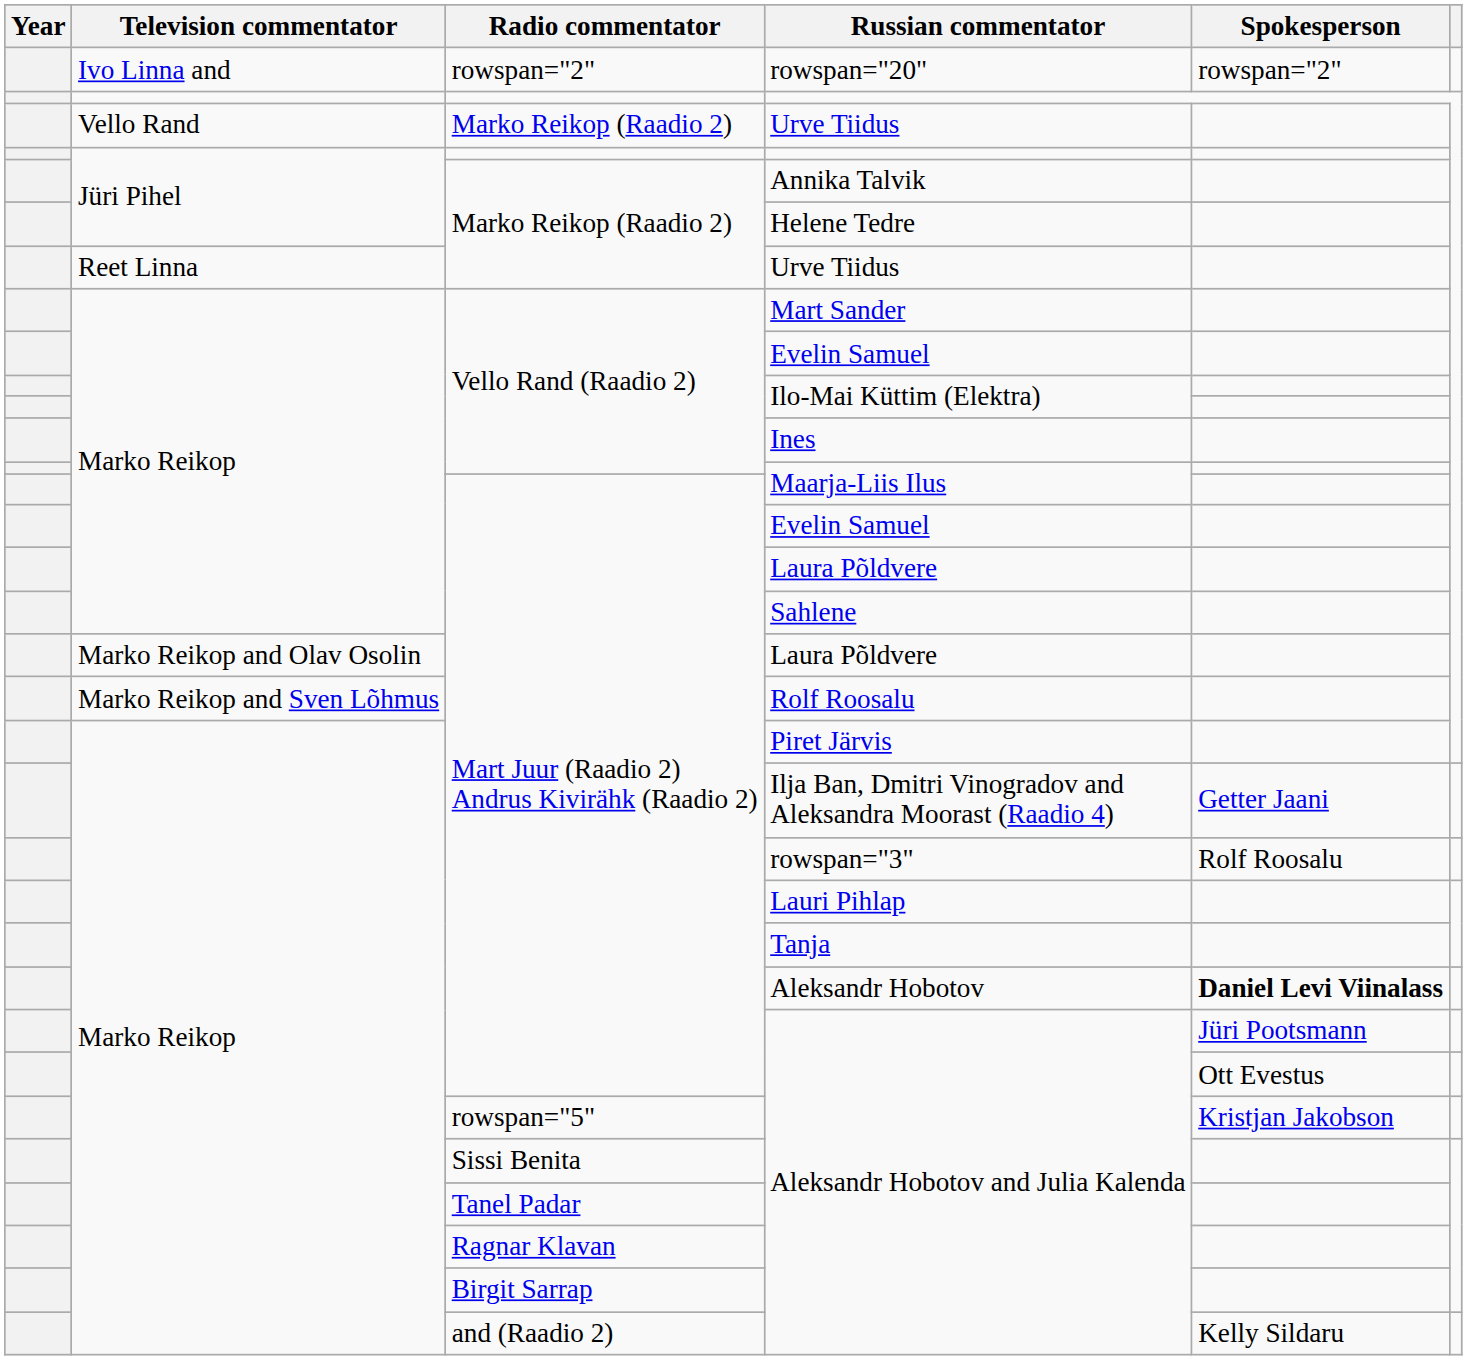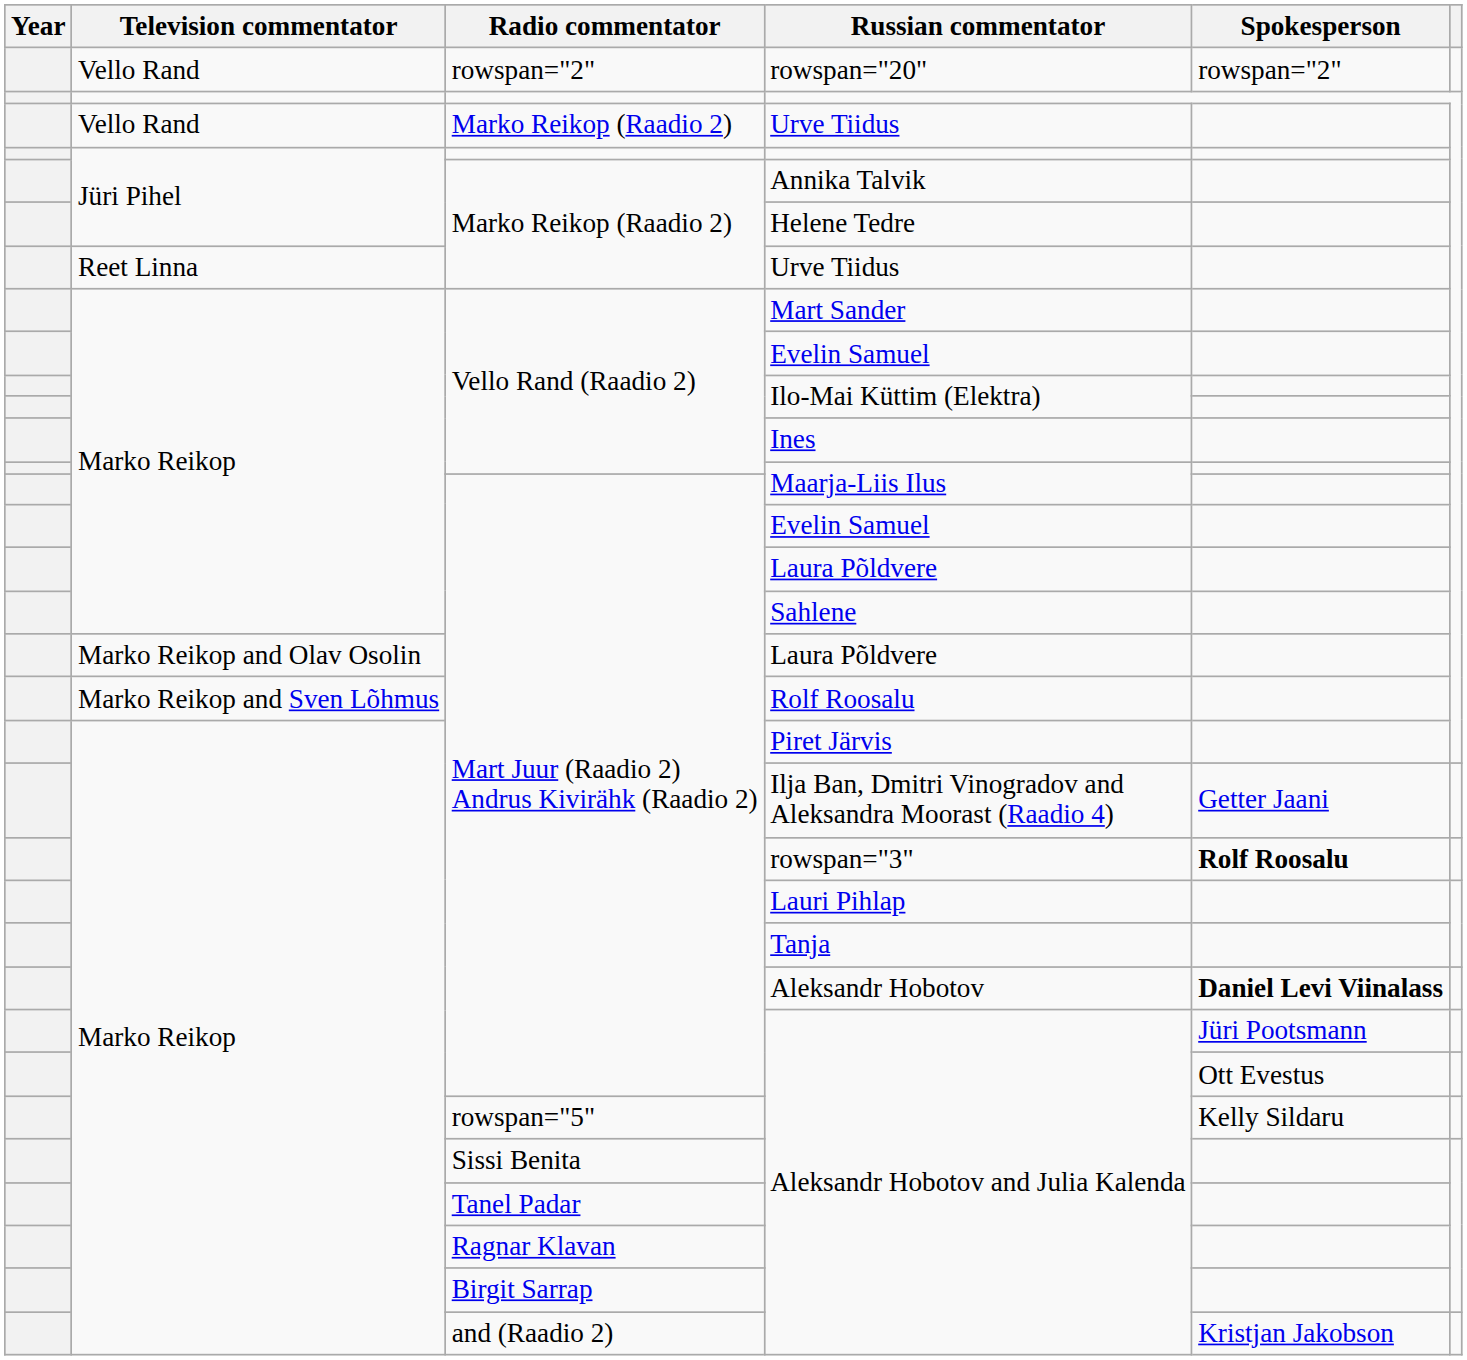 <table class="wikitable sortable plainrowheaders">
 <tr>
 <th>Year</th>
 <th>Television commentator</th>
 <th>Radio commentator</th>
 <th>Russian commentator</th>
 <th>Spokesperson</th>
 <th class="unsortable"></th>
 </tr>
 <tr>
 <th scope="row"></th>
-<td><a href='#'>Ivo Linna</a> and </td>
+<td>Vello Rand</td>
 <td>rowspan="2" </td>
 <td>rowspan="20" </td>
 <td>rowspan="2" </td>
 <td></td>
 </tr>
 <tr>
 <th scope="row"></th>
 <td></td>
 <td></td>
 </tr>
 <tr>
 <th scope="row"></th>
 <td>Vello Rand</td>
 <td><a href='#'>Marko Reikop</a> (<a href='#'>Raadio 2</a>)</td>
 <td><a href='#'>Urve Tiidus</a></td>
 <td></td>
 </tr>
 <tr>
 <th scope="row"></th>
 <td rowspan="3">Jüri Pihel</td>
 <td></td>
 <td></td>
 <td></td>
 </tr>
 <tr>
 <th scope="row"></th>
 <td rowspan="3">Marko Reikop (Raadio 2)</td>
 <td>Annika Talvik</td>
 <td></td>
 </tr>
 <tr>
 <th scope="row"></th>
 <td>Helene Tedre</td>
 <td></td>
 </tr>
 <tr>
 <th scope="row"></th>
 <td>Reet Linna</td>
 <td>Urve Tiidus</td>
 <td></td>
 </tr>
 <tr>
 <th scope="row"></th>
 <td rowspan="10">Marko Reikop</td>
 <td rowspan="6">Vello Rand (Raadio 2)</td>
 <td><a href='#'>Mart Sander</a></td>
 <td></td>
 </tr>
 <tr>
 <th scope="row"></th>
 <td><a href='#'>Evelin Samuel</a></td>
 <td></td>
 </tr>
 <tr>
 <th scope="row"></th>
 <td rowspan="2">Ilo-Mai Küttim (Elektra)</td>
 <td></td>
 </tr>
 <tr>
 <th scope="row"></th>
 <td></td>
 </tr>
 <tr>
 <th scope="row"></th>
 <td><a href='#'>Ines</a></td>
 <td></td>
 </tr>
 <tr>
 <th scope="row"></th>
 <td rowspan="2"><a href='#'>Maarja-Liis Ilus</a></td>
 <td></td>
 </tr>
 <tr>
 <th scope="row"></th>
 <td rowspan="14"><a href='#'>Mart Juur</a> (Raadio 2)<br> <a href='#'>Andrus Kivirähk</a> (Raadio 2)</td>
 <td></td>
 </tr>
 <tr>
 <th scope="row"></th>
 <td><a href='#'>Evelin Samuel</a></td>
 <td></td>
 </tr>
 <tr>
 <th scope="row"></th>
 <td><a href='#'>Laura Põldvere</a></td>
 <td></td>
 </tr>
 <tr>
 <th scope="row"></th>
 <td><a href='#'>Sahlene</a></td>
 <td></td>
 </tr>
 <tr>
 <th scope="row"></th>
 <td>Marko Reikop and Olav Osolin </td>
 <td>Laura Põldvere</td>
 <td></td>
 </tr>
 <tr>
 <th scope="row"></th>
 <td>Marko Reikop and <a href='#'>Sven Lõhmus</a> </td>
 <td><a href='#'>Rolf Roosalu</a></td>
 <td></td>
 </tr>
 <tr>
 <th scope="row"></th>
 <td rowspan="14">Marko Reikop</td>
 <td><a href='#'>Piret Järvis</a></td>
 <td></td>
 </tr>
 <tr>
 <th scope="row"></th>
 <td>Ilja Ban, Dmitri Vinogradov and<br>Aleksandra Moorast (<a href='#'>Raadio 4</a>)</td>
 <td><a href='#'>Getter Jaani</a></td>
 <td></td>
 </tr>
 <tr>
 <th scope="row"></th>
 <td>rowspan="3" </td>
-<td>Rolf Roosalu</td>
+<td><strong>Rolf Roosalu</strong></td>
 <td></td>
 </tr>
 <tr>
 <th scope="row"></th>
 <td><a href='#'>Lauri Pihlap</a></td>
 <td></td>
 </tr>
 <tr>
 <th scope="row"></th>
 <td><a href='#'>Tanja</a></td>
 <td></td>
 </tr>
 <tr>
 <th scope="row"></th>
 <td>Aleksandr Hobotov</td>
 <td><strong>Daniel Levi Viinalass</strong></td>
 <td></td>
 </tr>
 <tr>
 <th scope="row"></th>
 <td rowspan="8">Aleksandr Hobotov and Julia Kalenda</td>
 <td><a href='#'>Jüri Pootsmann</a></td>
 <td></td>
 </tr>
 <tr>
 <th scope="row"></th>
 <td>Ott Evestus</td>
 <td></td>
 </tr>
 <tr>
 <th scope="row"></th>
 <td>rowspan="5" </td>
-<td><a href='#'>Kristjan Jakobson</a></td>
+<td>Kelly Sildaru</td>
 <td></td>
 </tr>
 <tr>
 <th scope="row"></th>
 <td>Sissi Benita</td>
 <td></td>
 </tr>
 <tr>
 <th scope="row"></th>
 <td><a href='#'>Tanel Padar</a></td>
 <td></td>
 </tr>
 <tr>
 <th scope="row"></th>
 <td><a href='#'>Ragnar Klavan</a></td>
 <td></td>
 </tr>
 <tr>
 <th scope="row"></th>
 <td><a href='#'>Birgit Sarrap</a></td>
 <td></td>
 </tr>
 <tr>
 <th scope="row"></th>
 <td> and  (Raadio 2)</td>
-<td>Kelly Sildaru</td>
+<td><a href='#'>Kristjan Jakobson</a></td>
 <td></td>
 </tr>
 </table>
